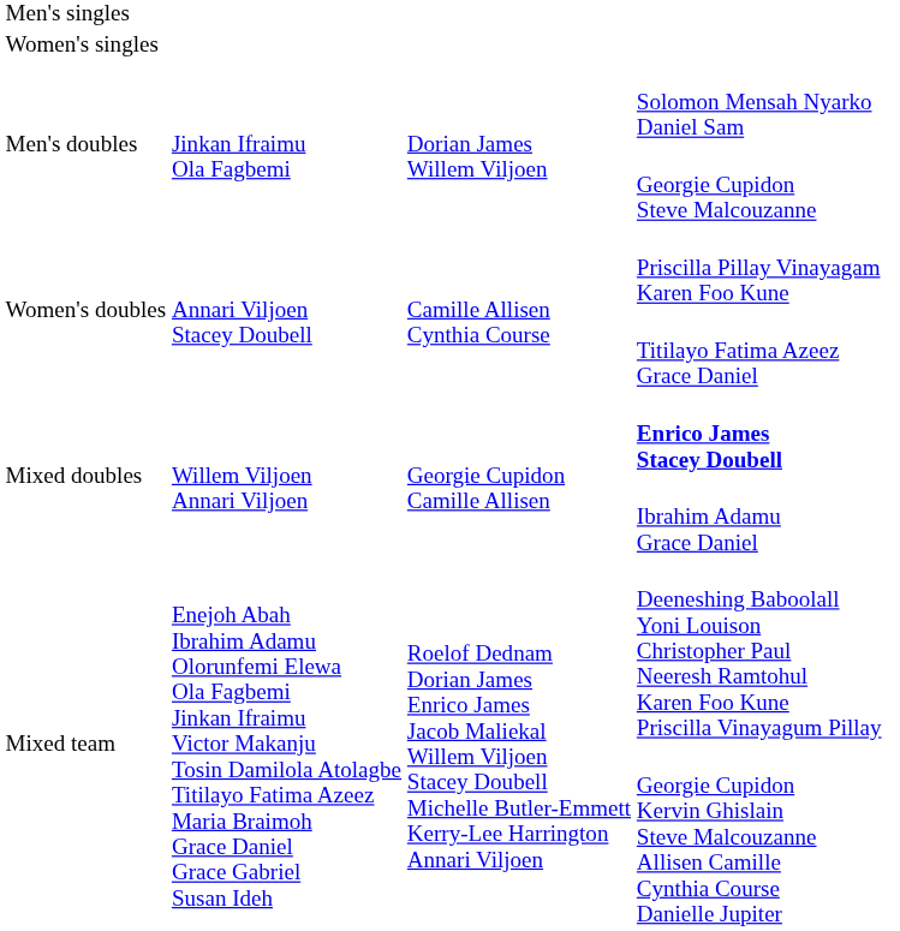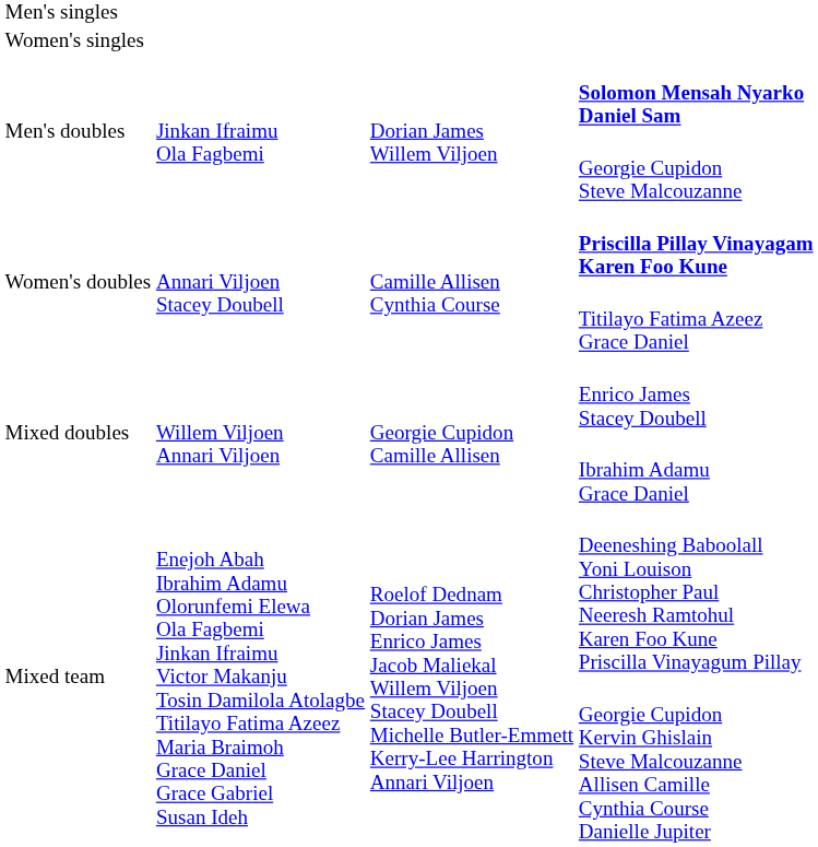 <table>
 <tr>
 <td rowspan=2>Men's singles<br></td>
 <td rowspan=2></td>
 <td rowspan=2></td>
 <td></td>
 </tr>
 <tr>
 <td></td>
 </tr>
 <tr>
 <td rowspan=2>Women's singles<br></td>
 <td rowspan=2></td>
 <td rowspan=2></td>
 <td></td>
 </tr>
 <tr>
 <td></td>
 </tr>
 <tr>
 <td rowspan=2>Men's doubles<br></td>
 <td rowspan=2><br><a href='#'>Jinkan Ifraimu</a><br><a href='#'>Ola Fagbemi</a></td>
 <td rowspan=2><br><a href='#'>Dorian James</a><br><a href='#'>Willem Viljoen</a></td>
-<td><br><a href='#'>Solomon Mensah Nyarko</a><br><a href='#'>Daniel Sam</a></td>
+<td><strong><br><a href='#'>Solomon Mensah Nyarko</a><br><a href='#'>Daniel Sam</a></strong></td>
 </tr>
 <tr>
 <td><br><a href='#'>Georgie Cupidon</a><br><a href='#'>Steve Malcouzanne</a></td>
 </tr>
 <tr>
 <td rowspan=2>Women's doubles<br></td>
 <td rowspan=2><br><a href='#'>Annari Viljoen</a><br><a href='#'>Stacey Doubell</a></td>
 <td rowspan=2><br><a href='#'>Camille Allisen</a><br><a href='#'>Cynthia Course</a></td>
-<td><br><a href='#'>Priscilla Pillay Vinayagam</a><br><a href='#'>Karen Foo Kune</a></td>
+<td><strong><br><a href='#'>Priscilla Pillay Vinayagam</a><br><a href='#'>Karen Foo Kune</a></strong></td>
 </tr>
 <tr>
 <td><br><a href='#'>Titilayo Fatima Azeez</a><br><a href='#'>Grace Daniel</a></td>
 </tr>
 <tr>
 <td rowspan=2>Mixed doubles<br></td>
 <td rowspan=2><br><a href='#'>Willem Viljoen</a><br><a href='#'>Annari Viljoen</a></td>
 <td rowspan=2><br><a href='#'>Georgie Cupidon</a><br><a href='#'>Camille Allisen</a></td>
-<td><strong><br><a href='#'>Enrico James</a><br><a href='#'>Stacey Doubell</a></strong></td>
+<td><br><a href='#'>Enrico James</a><br><a href='#'>Stacey Doubell</a></td>
 </tr>
 <tr>
 <td><br><a href='#'>Ibrahim Adamu</a><br><a href='#'>Grace Daniel</a></td>
 </tr>
 <tr>
 <td rowspan=2>Mixed team<br></td>
 <td rowspan=2> <br><a href='#'>Enejoh Abah</a><br><a href='#'>Ibrahim Adamu</a><br><a href='#'>Olorunfemi Elewa</a><br><a href='#'>Ola Fagbemi</a><br><a href='#'>Jinkan Ifraimu</a><br><a href='#'>Victor Makanju</a><br><a href='#'>Tosin Damilola Atolagbe</a><br><a href='#'>Titilayo Fatima Azeez</a><br><a href='#'>Maria Braimoh</a><br><a href='#'>Grace Daniel</a><br><a href='#'>Grace Gabriel</a><br><a href='#'>Susan Ideh</a></td>
 <td rowspan=2><br><a href='#'>Roelof Dednam</a><br><a href='#'>Dorian James</a><br><a href='#'>Enrico James</a><br><a href='#'>Jacob Maliekal</a><br><a href='#'>Willem Viljoen</a><br><a href='#'>Stacey Doubell</a><br><a href='#'>Michelle Butler-Emmett</a><br><a href='#'>Kerry-Lee Harrington</a><br><a href='#'>Annari Viljoen</a></td>
 <td><br><a href='#'>Deeneshing Baboolall</a><br><a href='#'>Yoni Louison</a><br><a href='#'>Christopher Paul</a><br><a href='#'>Neeresh Ramtohul</a><br><a href='#'>Karen Foo Kune</a><br><a href='#'>Priscilla Vinayagum Pillay</a></td>
 </tr>
 <tr>
 <td><br><a href='#'>Georgie Cupidon</a><br><a href='#'>Kervin Ghislain</a><br><a href='#'>Steve Malcouzanne</a><br><a href='#'>Allisen Camille</a><br><a href='#'>Cynthia Course</a><br><a href='#'>Danielle Jupiter</a></td>
 </tr>
 </table>
